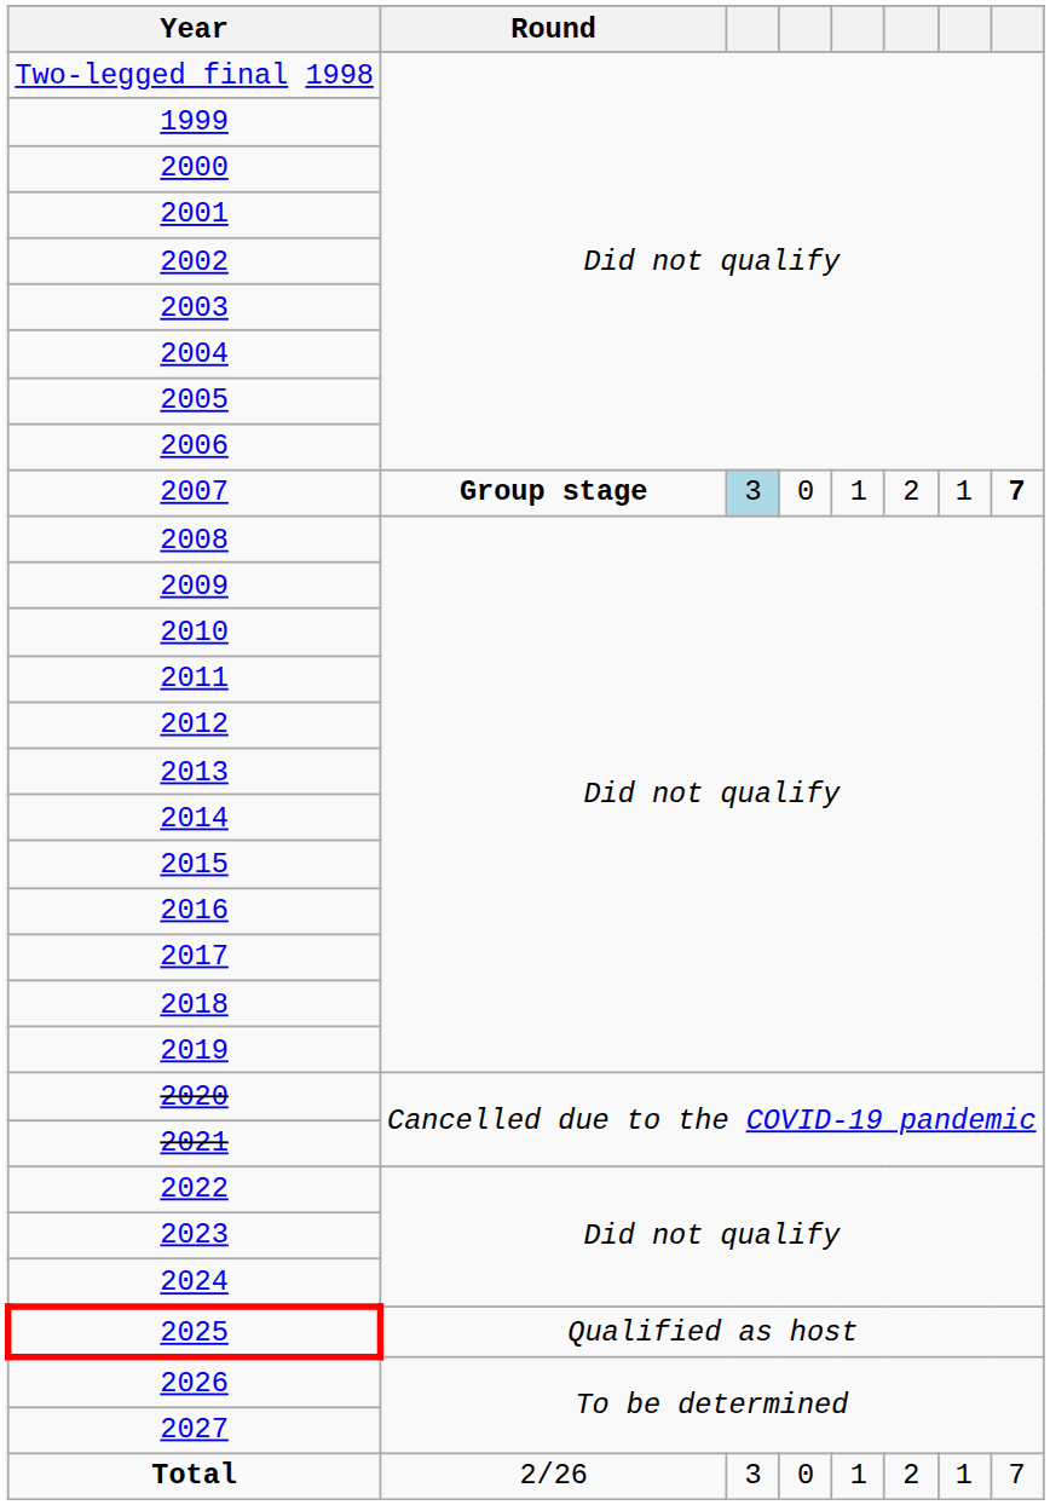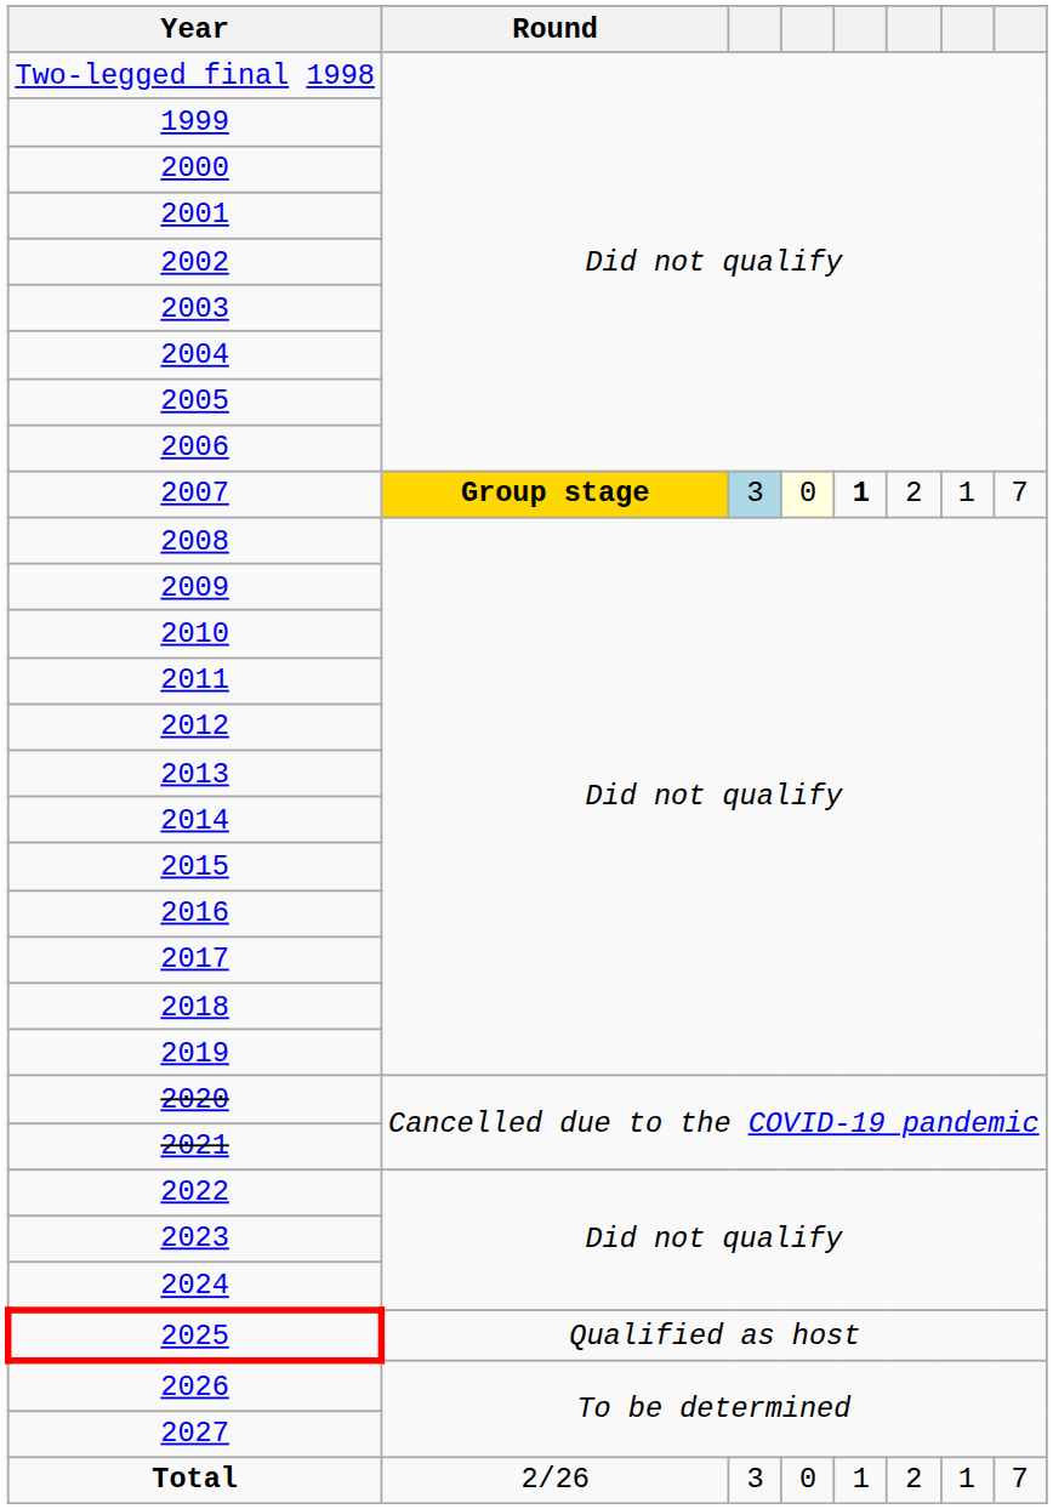 <table class="wikitable" style="text-align: center;">
 <tr>
 <th>Year</th>
 <th>Round</th>
 <th></th>
 <th></th>
 <th></th>
 <th></th>
 <th></th>
 <th></th>
 </tr>
 <tr>
 <td><a href='#'>Two-legged final</a> <a href='#'>1998</a></td>
 <td colspan=7 rowspan=9><em>Did not qualify</em></td>
 </tr>
 <tr>
 <td> <a href='#'>1999</a></td>
 </tr>
 <tr>
 <td> <a href='#'>2000</a></td>
 </tr>
 <tr>
 <td> <a href='#'>2001</a></td>
 </tr>
 <tr>
 <td> <a href='#'>2002</a></td>
 </tr>
 <tr>
 <td> <a href='#'>2003</a></td>
 </tr>
 <tr>
 <td> <a href='#'>2004</a></td>
 </tr>
 <tr>
 <td> <a href='#'>2005</a></td>
 </tr>
 <tr>
 <td> <a href='#'>2006</a></td>
 </tr>
 <tr>
 <td> <a href='#'>2007</a></td>
-<td><strong>Group stage</strong></td>
+<td style="background: gold;"><strong>Group stage</strong></td>
 <td style="background: lightblue;">3</td>
-<td>0</td>
-<td>1</td>
+<td style="background: lightyellow;">0</td>
+<td><strong>1</strong></td>
 <td>2</td>
 <td>1</td>
-<td><strong>7</strong></td>
+<td>7</td>
 </tr>
 <tr>
 <td> <a href='#'>2008</a></td>
 <td colspan=7 rowspan=12><em>Did not qualify</em></td>
 </tr>
 <tr>
 <td> <a href='#'>2009</a></td>
 </tr>
 <tr>
 <td> <a href='#'>2010</a></td>
 </tr>
 <tr>
 <td> <a href='#'>2011</a></td>
 </tr>
 <tr>
 <td> <a href='#'>2012</a></td>
 </tr>
 <tr>
 <td> <a href='#'>2013</a></td>
 </tr>
 <tr>
 <td> <a href='#'>2014</a></td>
 </tr>
 <tr>
 <td> <a href='#'>2015</a></td>
 </tr>
 <tr>
 <td> <a href='#'>2016</a></td>
 </tr>
 <tr>
 <td> <a href='#'>2017</a></td>
 </tr>
 <tr>
 <td> <a href='#'>2018</a></td>
 </tr>
 <tr>
 <td> <a href='#'>2019</a></td>
 </tr>
 <tr>
 <td> <s><a href='#'>2020</a></s></td>
 <td colspan=7 rowspan=2><em>Cancelled due to the <a href='#'>COVID-19 pandemic</a></em></td>
 </tr>
 <tr>
 <td> <s><a href='#'>2021</a></s></td>
 </tr>
 <tr>
 <td> <a href='#'>2022</a></td>
 <td colspan=7 rowspan=3><em>Did not qualify</em></td>
 </tr>
 <tr>
 <td> <a href='#'>2023</a></td>
 </tr>
 <tr>
 <td> <a href='#'>2024</a></td>
 </tr>
 <tr>
 <td style="border: 3px solid red"> <a href='#'>2025</a></td>
 <td colspan=8><em>Qualified as host</em></td>
 </tr>
 <tr>
 <td> <a href='#'>2026</a></td>
 <td colspan=8 rowspan=2><em>To be determined</em></td>
 </tr>
 <tr>
 <td> <a href='#'>2027</a></td>
 </tr>
 <tr>
 <td><strong>Total</strong></td>
 <td>2/26</td>
 <td>3</td>
 <td>0</td>
 <td>1</td>
 <td>2</td>
 <td>1</td>
 <td>7</td>
 </tr>
 </table>
